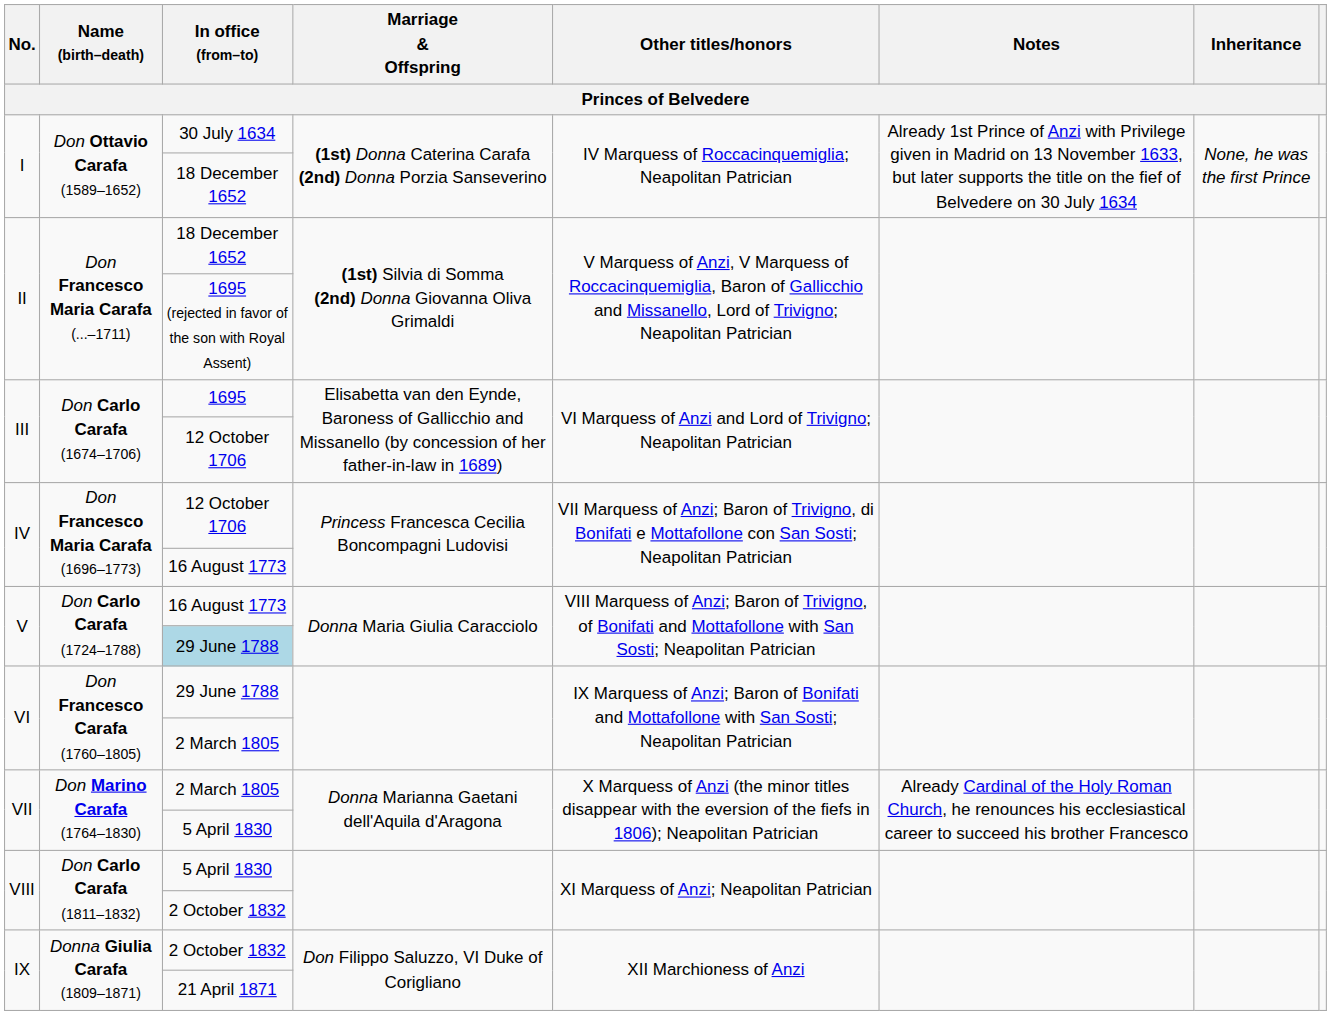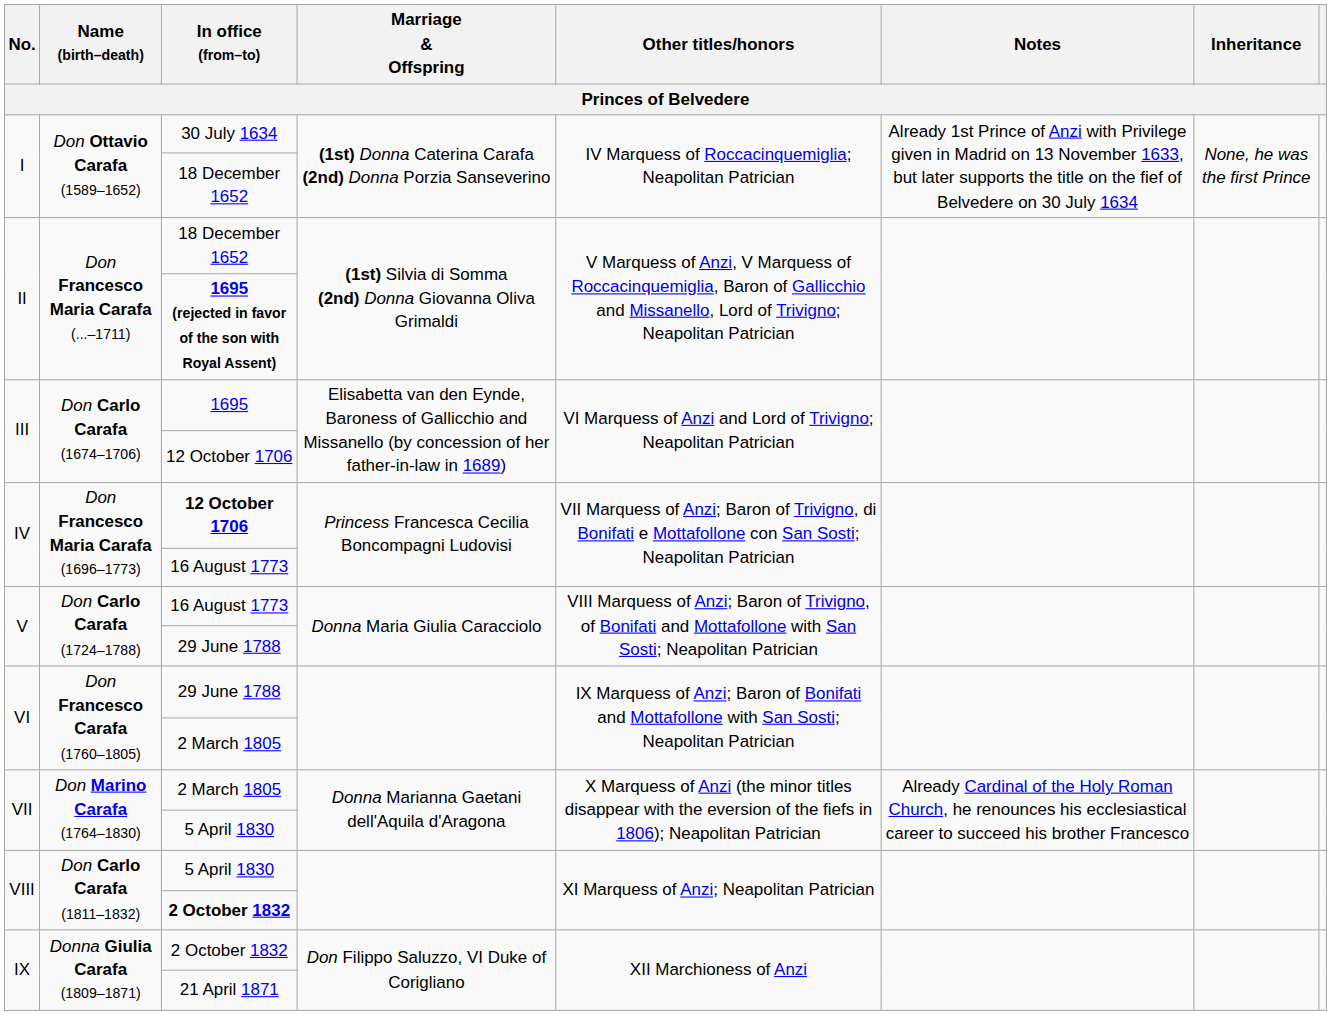 <table class="wikitable" style="line-height:1.4em; text-align:center">
 <tr>
 <th>No.</th>
 <th>Name<br><small>(birth–death)</small></th>
 <th>In office<br><small>(from–to)</small></th>
 <th>Marriage<br>&<br>Offspring</th>
 <th>Other titles/honors</th>
 <th>Notes</th>
 <th>Inheritance</th>
 <th></th>
 </tr>
 <tr>
 <th class=noprint colspan=8 style="font-weight:normal" style="background:#FFD700"><strong>Princes of Belvedere</strong></th>
 </tr>
 <tr>
 <td rowspan=2>I</td>
 <td rowspan=2><em>Don</em> <strong>Ottavio Carafa</strong><br><small>(1589–1652)</small></td>
 <td>30 July <a href='#'>1634</a></td>
 <td rowspan=2><strong>(1st)</strong> <em>Donna</em> Caterina Carafa<br><strong>(2nd)</strong> <em>Donna</em> Porzia Sanseverino</td>
 <td rowspan=2>IV Marquess of <a href='#'>Roccacinquemiglia</a>; Neapolitan Patrician</td>
 <td rowspan=2>Already 1st Prince of <a href='#'>Anzi</a> with Privilege given in Madrid on 13 November <a href='#'>1633</a>, but later supports the title on the fief of Belvedere on 30 July <a href='#'>1634</a></td>
 <td rowspan=2><em>None, he was the first Prince</em></td>
 <td rowspan=2></td>
 </tr>
 <tr>
 <td>18 December <a href='#'>1652</a></td>
 </tr>
 <tr>
 <td rowspan=2>II</td>
 <td rowspan=2><em>Don</em> <strong>Francesco Maria Carafa</strong><br><small>(...–1711)</small></td>
 <td>18 December <a href='#'>1652</a></td>
 <td rowspan=2><strong>(1st)</strong> Silvia di Somma<br><strong>(2nd)</strong> <em>Donna</em> Giovanna Oliva Grimaldi</td>
 <td rowspan=2>V Marquess of <a href='#'>Anzi</a>, V Marquess of <a href='#'>Roccacinquemiglia</a>, Baron of <a href='#'>Gallicchio</a> and <a href='#'>Missanello</a>, Lord of <a href='#'>Trivigno</a>; Neapolitan Patrician</td>
 <td rowspan=2></td>
 <td rowspan=2></td>
 <td rowspan=2></td>
 </tr>
 <tr>
-<td><a href='#'>1695</a><br><small>(rejected in favor of the son with Royal Assent)</small></td>
+<td><strong><a href='#'>1695</a><br><small>(rejected in favor of the son with Royal Assent)</small></strong></td>
 </tr>
 <tr>
 <td rowspan=2>III</td>
 <td rowspan=2><em>Don</em> <strong>Carlo Carafa</strong><br><small>(1674–1706)</small></td>
 <td><a href='#'>1695</a></td>
 <td rowspan=2>Elisabetta van den Eynde, Baroness of Gallicchio and Missanello (by concession of her father-in-law in <a href='#'>1689</a>)</td>
 <td rowspan=2>VI Marquess of <a href='#'>Anzi</a> and Lord of <a href='#'>Trivigno</a>; Neapolitan Patrician</td>
 <td rowspan=2></td>
 <td rowspan=2></td>
 <td rowspan=2></td>
 </tr>
 <tr>
 <td>12 October <a href='#'>1706</a></td>
 </tr>
 <tr>
 <td rowspan=2>IV</td>
 <td rowspan=2><em>Don</em> <strong>Francesco Maria Carafa</strong><br><small>(1696–1773)</small></td>
-<td>12 October <a href='#'>1706</a></td>
+<td><strong>12 October <a href='#'>1706</a></strong></td>
 <td rowspan=2><em>Princess</em> Francesca Cecilia Boncompagni Ludovisi</td>
 <td rowspan=2>VII Marquess of <a href='#'>Anzi</a>; Baron of <a href='#'>Trivigno</a>, di <a href='#'>Bonifati</a> e <a href='#'>Mottafollone</a> con <a href='#'>San Sosti</a>; Neapolitan Patrician</td>
 <td rowspan=2></td>
 <td rowspan=2></td>
 <td rowspan=2></td>
 </tr>
 <tr>
 <td>16 August <a href='#'>1773</a></td>
 </tr>
 <tr>
 <td rowspan=2>V</td>
 <td rowspan=2><em>Don</em> <strong>Carlo Carafa</strong><br><small>(1724–1788)</small></td>
 <td>16 August <a href='#'>1773</a></td>
 <td rowspan=2><em>Donna</em> Maria Giulia Caracciolo</td>
 <td rowspan=2>VIII Marquess of <a href='#'>Anzi</a>; Baron of <a href='#'>Trivigno</a>, of <a href='#'>Bonifati</a> and <a href='#'>Mottafollone</a> with <a href='#'>San Sosti</a>; Neapolitan Patrician</td>
 <td rowspan=2></td>
 <td rowspan=2></td>
 <td rowspan=2></td>
 </tr>
 <tr>
-<td style="background: lightblue;">29 June <a href='#'>1788</a></td>
+<td>29 June <a href='#'>1788</a></td>
 </tr>
 <tr>
 <td rowspan=2>VI</td>
 <td rowspan=2><em>Don</em> <strong>Francesco Carafa</strong><br><small>(1760–1805)</small></td>
 <td>29 June <a href='#'>1788</a></td>
 <td rowspan=2></td>
 <td rowspan=2>IX Marquess of <a href='#'>Anzi</a>; Baron of <a href='#'>Bonifati</a> and <a href='#'>Mottafollone</a> with <a href='#'>San Sosti</a>; Neapolitan Patrician</td>
 <td rowspan=2></td>
 <td rowspan=2></td>
 <td rowspan=2></td>
 </tr>
 <tr>
 <td>2 March <a href='#'>1805</a></td>
 </tr>
 <tr>
 <td rowspan=2>VII</td>
 <td rowspan=2><em>Don</em> <strong><a href='#'>Marino Carafa</a></strong><br><small>(1764–1830)</small></td>
 <td>2 March <a href='#'>1805</a></td>
 <td rowspan=2><em>Donna</em> Marianna Gaetani dell'Aquila d'Aragona</td>
 <td rowspan=2>X Marquess of <a href='#'>Anzi</a> (the minor titles disappear with the eversion of the fiefs in <a href='#'>1806</a>); Neapolitan Patrician</td>
 <td rowspan=2>Already <a href='#'>Cardinal of the Holy Roman Church</a>, he renounces his ecclesiastical career to succeed his brother Francesco</td>
 <td rowspan=2></td>
 <td rowspan=2></td>
 </tr>
 <tr>
 <td>5 April <a href='#'>1830</a></td>
 </tr>
 <tr>
 <td rowspan=2>VIII</td>
 <td rowspan=2><em>Don</em> <strong>Carlo Carafa</strong><br><small>(1811–1832)</small></td>
 <td>5 April <a href='#'>1830</a></td>
 <td rowspan=2></td>
 <td rowspan=2>XI Marquess of <a href='#'>Anzi</a>; Neapolitan Patrician</td>
 <td rowspan=2></td>
 <td rowspan=2></td>
 <td rowspan=2></td>
 </tr>
 <tr>
-<td>2 October <a href='#'>1832</a></td>
+<td><strong>2 October <a href='#'>1832</a></strong></td>
 </tr>
 <tr>
 <td rowspan=2>IX</td>
 <td rowspan=2><em>Donna</em> <strong>Giulia Carafa</strong><br><small>(1809–1871)</small></td>
 <td>2 October <a href='#'>1832</a></td>
 <td rowspan=2><em>Don</em> Filippo Saluzzo, VI Duke of Corigliano</td>
 <td rowspan=2>XII Marchioness of <a href='#'>Anzi</a></td>
 <td rowspan=2></td>
 <td rowspan=2></td>
 <td rowspan=2></td>
 </tr>
 <tr>
 <td>21 April <a href='#'>1871</a></td>
 </tr>
 </table>
